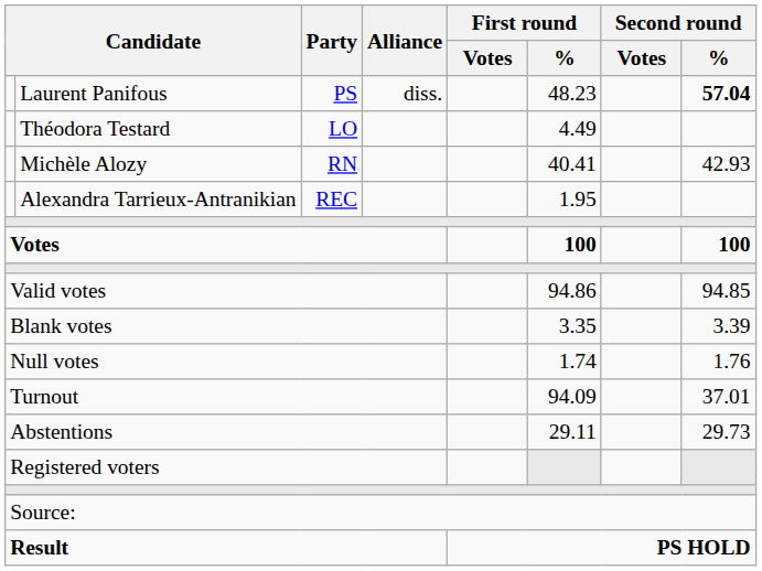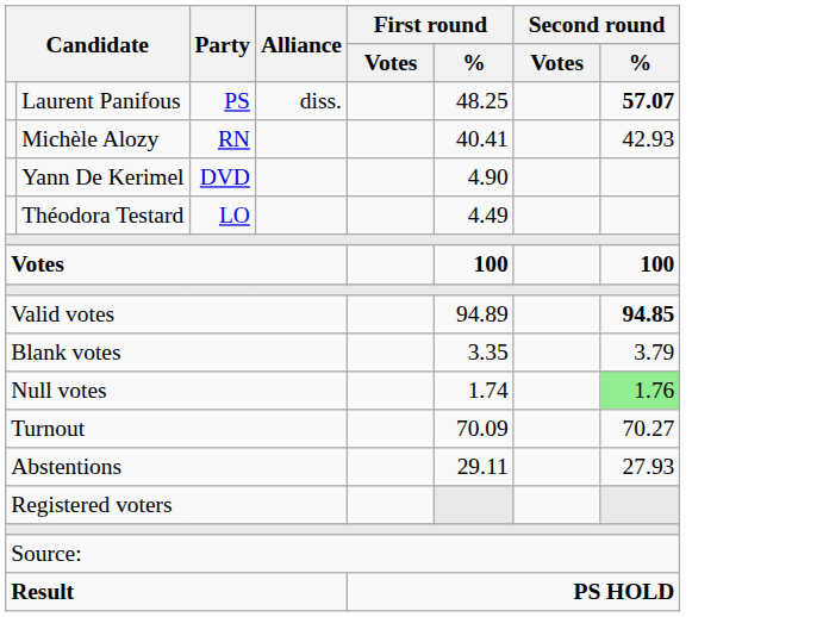 <table class="wikitable" style="text-align:right;font-size:95%;">
 <tr>
 <th colspan="2" rowspan="2">Candidate</th>
 <th colspan="1" rowspan="2">Party</th>
 <th colspan="1" rowspan="2">Alliance</th>
 <th colspan="2">First round</th>
 <th colspan="2">Second round</th>
 </tr>
 <tr>
 <th style="width:50px;">Votes</th>
 <th style="width:45px;">%</th>
 <th style="width:50px;">Votes</th>
 <th style="width:45px;">%</th>
 </tr>
 <tr>
 <td style="color:inherit;background:"></td>
 <td style="text-align:left;">Laurent Panifous</td>
 <td><a href='#'>PS</a></td>
 <td>diss.</td>
 <td></td>
-<td>48.23</td>
+<td>48.25</td>
 <td><strong></strong></td>
-<td><strong>57.04</strong></td>
-</tr>
-<tr>
-<td style="color:inherit;background:"></td>
-<td style="text-align:left;">Théodora Testard</td>
-<td><a href='#'>LO</a></td>
-<td></td>
-<td></td>
-<td>4.49</td>
-<td></td>
-<td></td>
+<td><strong>57.07</strong></td>
 </tr>
 <tr>
 <td style="color:inherit;background:"></td>
 <td style="text-align:left;">Michèle Alozy</td>
 <td><a href='#'>RN</a></td>
 <td></td>
 <td></td>
 <td>40.41</td>
 <td></td>
 <td>42.93</td>
 </tr>
 <tr>
 <td style="color:inherit;background:"></td>
-<td style="text-align:left;">Alexandra Tarrieux-Antranikian</td>
-<td><a href='#'>REC</a></td>
+<td style="text-align:left;">Yann De Kerimel</td>
+<td><a href='#'>DVD</a></td>
 <td></td>
 <td></td>
-<td>1.95</td>
+<td>4.90</td>
+<td></td>
+<td></td>
+</tr>
+<tr>
+<td style="color:inherit;background:"></td>
+<td style="text-align:left;">Théodora Testard</td>
+<td><a href='#'>LO</a></td>
+<td></td>
+<td></td>
+<td>4.49</td>
 <td></td>
 <td></td>
 </tr>
 <tr>
 <td colspan="8" style="background:#E9E9E9;"></td>
 </tr>
 <tr style="font-weight:bold;">
 <td colspan="4" style="text-align:left;">Votes</td>
 <td></td>
 <td>100</td>
 <td></td>
 <td>100</td>
 </tr>
 <tr>
 <td colspan="8" style="background:#E9E9E9;"></td>
 </tr>
 <tr>
 <td colspan="4" style="text-align:left;">Valid votes</td>
 <td></td>
-<td>94.86</td>
+<td>94.89</td>
 <td></td>
-<td>94.85</td>
+<td><strong>94.85</strong></td>
 </tr>
 <tr>
 <td colspan="4" style="text-align:left;">Blank votes</td>
 <td></td>
 <td>3.35</td>
 <td></td>
-<td>3.39</td>
+<td>3.79</td>
 </tr>
 <tr>
 <td colspan="4" style="text-align:left;">Null votes</td>
 <td></td>
 <td>1.74</td>
 <td></td>
-<td>1.76</td>
+<td style="background: lightgreen;">1.76</td>
 </tr>
 <tr>
 <td colspan="4" style="text-align:left;">Turnout</td>
 <td></td>
-<td>94.09</td>
+<td>70.09</td>
 <td></td>
-<td>37.01</td>
+<td>70.27</td>
 </tr>
 <tr>
 <td colspan="4" style="text-align:left;">Abstentions</td>
 <td></td>
 <td>29.11</td>
 <td></td>
-<td>29.73</td>
+<td>27.93</td>
 </tr>
 <tr>
 <td colspan="4" style="text-align:left;">Registered voters</td>
 <td></td>
 <td style="background:#E9E9E9;"></td>
 <td></td>
 <td style="background:#E9E9E9;"></td>
 </tr>
 <tr>
 <td colspan="8" style="background:#E9E9E9;"></td>
 </tr>
 <tr>
 <td colspan="8" style="text-align:left;">Source: </td>
 </tr>
 <tr style="font-weight:bold">
 <td colspan="4" style="text-align:left;">Result</td>
 <td colspan="4" style="background-color:">PS HOLD</td>
 </tr>
 </table>
